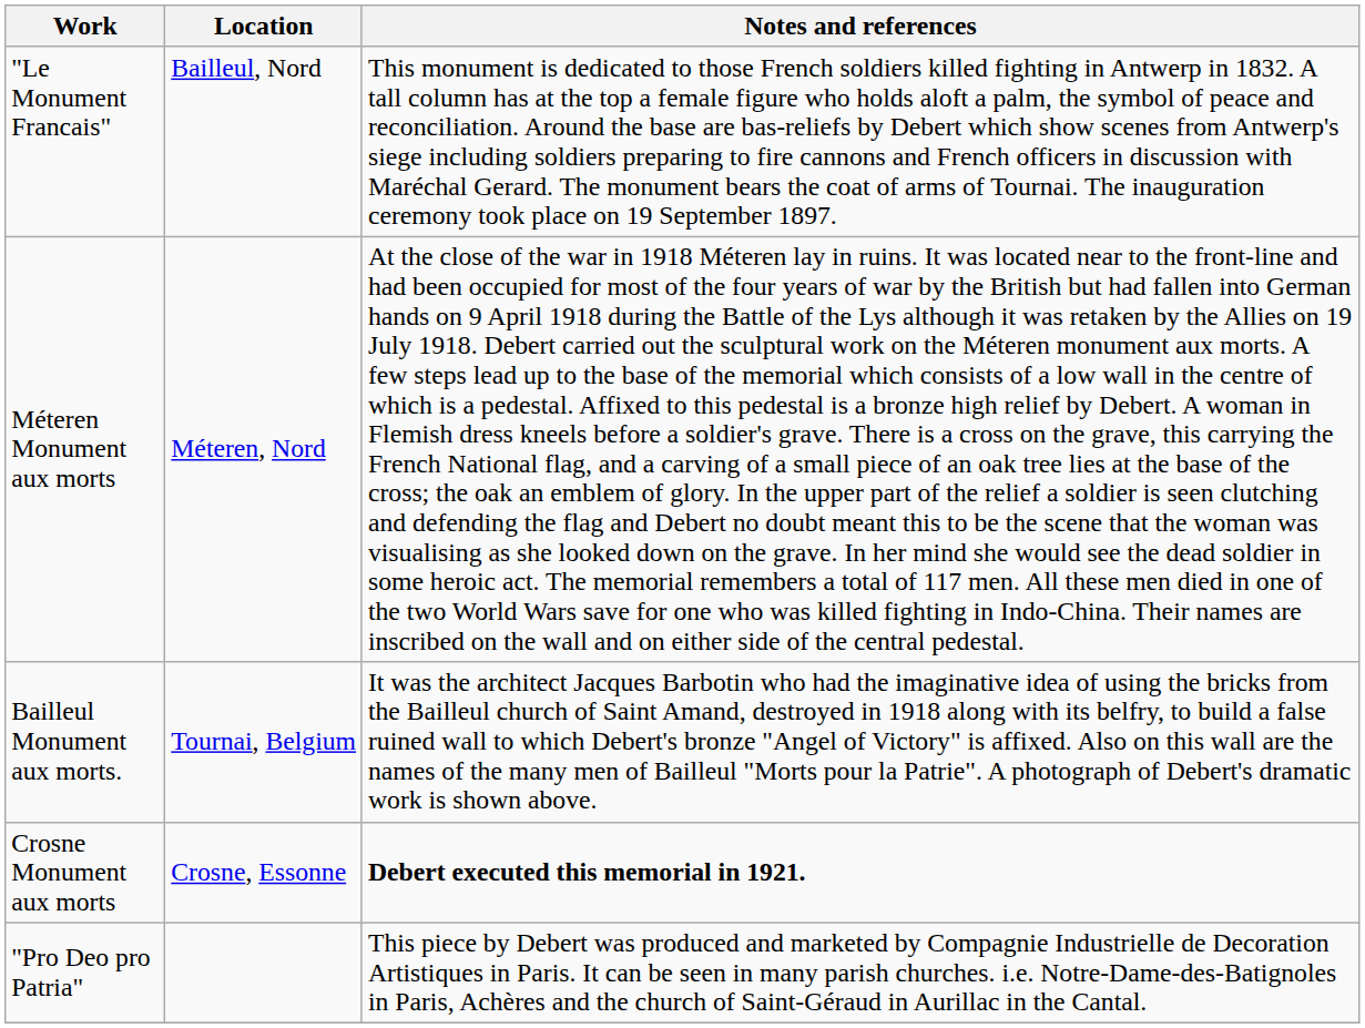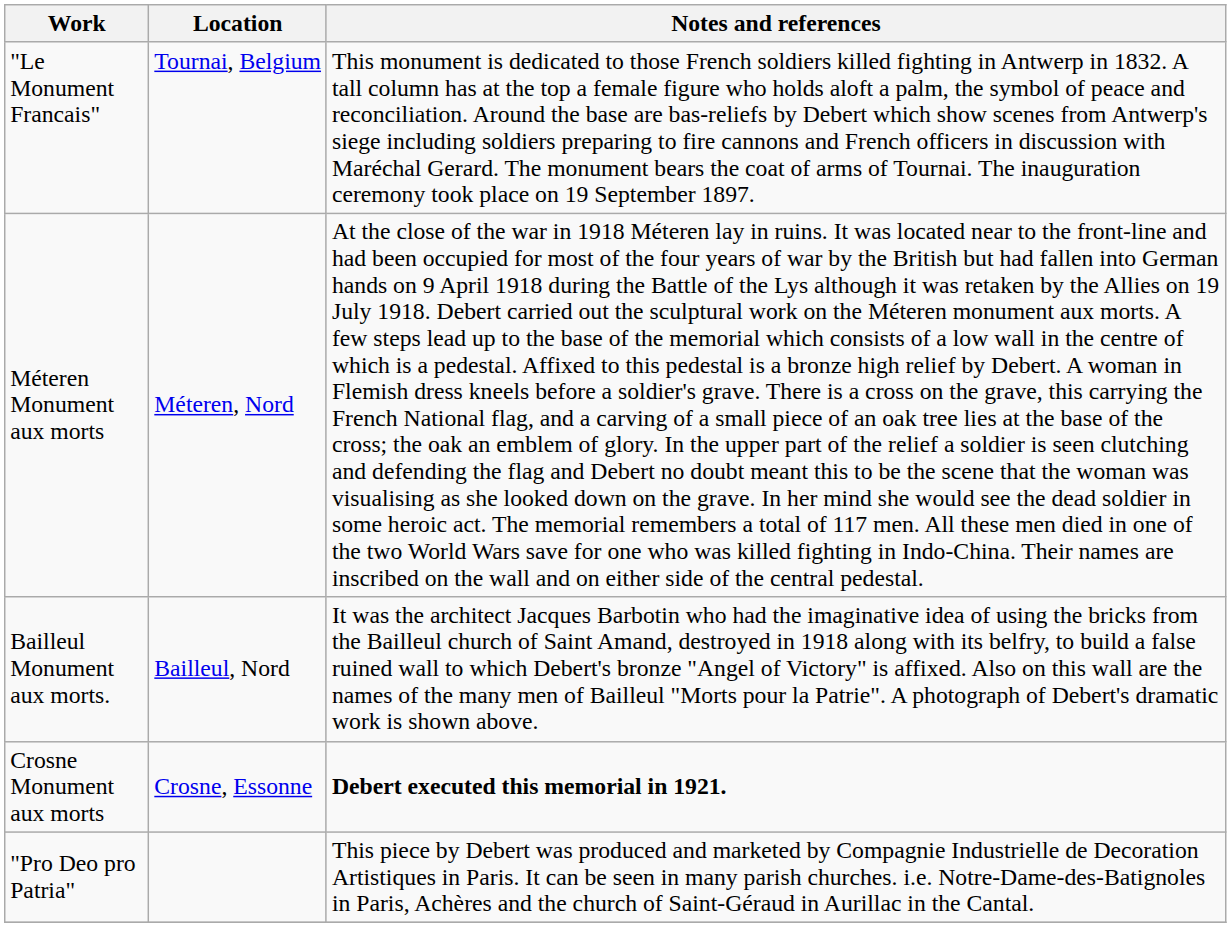 <table class="wikitable sortable">
 <tr>
 <th style="width:90px">Work</th>
 <th style="width=:100px">Location</th>
 <th style="width:600px" class="unsortable">Notes and references</th>
 </tr>
 <tr valign="top">
 <td>"Le Monument Francais"</td>
-<td><a href='#'>Bailleul</a>, Nord</td>
+<td><a href='#'>Tournai</a>, <a href='#'>Belgium</a></td>
 <td>This monument is dedicated to those French soldiers killed fighting in Antwerp in 1832.  A tall column has at the top a female figure who holds aloft a palm, the symbol of peace and reconciliation.  Around the base are bas-reliefs by Debert which show scenes from Antwerp's siege including soldiers preparing to fire cannons and French officers in discussion with Maréchal Gerard.  The monument bears the coat of arms of Tournai.   The inauguration ceremony took place on 19 September 1897.</td>
 </tr>
 <tr>
 <td>Méteren Monument aux morts</td>
 <td><a href='#'>Méteren</a>, <a href='#'>Nord</a></td>
 <td>At the close of the war in 1918 Méteren lay in ruins.  It was located near to the front-line and had been occupied for most of the four years of war by the British but had fallen into German hands on 9 April 1918 during the Battle of the Lys although it was retaken by the Allies on 19 July 1918.  Debert carried out the sculptural work on the Méteren monument aux morts.  A few steps lead up to the base of the memorial which consists of a low wall in the centre of which is a pedestal.    Affixed to this pedestal is a bronze high relief by Debert.    A  woman in Flemish dress kneels before a soldier's grave. There is a cross on the grave, this carrying the French National flag, and a carving of a small piece of an oak tree lies at the base of the cross; the oak an emblem of glory. In the upper part of the relief a soldier is seen clutching and defending the flag and Debert no doubt meant this to be the scene that the woman was visualising as she looked down on the grave.  In her mind she would see the dead soldier in some heroic act.   The memorial remembers a total of 117 men.  All these men died in one of the two World Wars save for one who was killed fighting in Indo-China. Their names are inscribed on the wall and on either side of the central pedestal.</td>
 </tr>
 <tr>
 <td>Bailleul Monument aux morts.</td>
-<td><a href='#'>Tournai</a>, <a href='#'>Belgium</a></td>
+<td><a href='#'>Bailleul</a>, Nord</td>
 <td>It was the architect Jacques Barbotin who had the imaginative idea of using the bricks from the Bailleul church of Saint Amand, destroyed in 1918 along with its belfry, to build a false ruined wall to which Debert's  bronze "Angel  of Victory" is affixed. Also on this wall are the names of the many men of Bailleul "Morts pour la Patrie".  A photograph of Debert's dramatic work is shown above.</td>
 </tr>
 <tr>
 <td>Crosne Monument aux morts</td>
 <td><a href='#'>Crosne</a>, <a href='#'>Essonne</a></td>
 <td><strong>Debert executed this memorial in 1921.</strong></td>
 </tr>
 <tr>
 <td>"Pro Deo pro Patria"</td>
 <td></td>
 <td>This piece by Debert was produced and marketed by Compagnie Industrielle de Decoration Artistiques in Paris. It can be seen in many parish churches. i.e. Notre-Dame-des-Batignoles in Paris, Achères and the church of Saint-Géraud in Aurillac in the Cantal.</td>
 </tr>
 <tr>
 </tr>
 </table>
